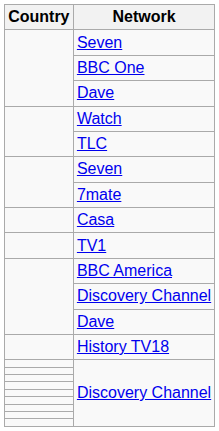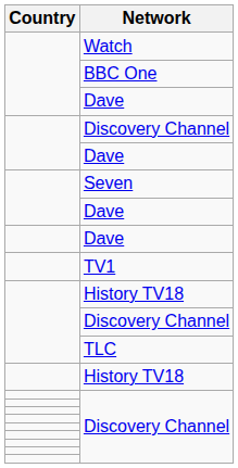 <table class="wikitable">
 <tr>
 <th>Country</th>
 <th>Network</th>
 </tr>
 <tr>
 <td rowspan=3></td>
-<td><a href='#'>Seven</a></td>
+<td><a href='#'>Watch</a></td>
 </tr>
 <tr>
 <td><a href='#'>BBC One</a></td>
 </tr>
 <tr>
 <td><a href='#'>Dave</a></td>
 </tr>
 <tr>
 <td rowspan=2></td>
-<td><a href='#'>Watch</a></td>
+<td><a href='#'>Discovery Channel</a></td>
 </tr>
 <tr>
-<td><a href='#'>TLC</a></td>
+<td><a href='#'>Dave</a></td>
 </tr>
 <tr>
 <td rowspan=2></td>
 <td><a href='#'>Seven</a></td>
 </tr>
 <tr>
-<td><a href='#'>7mate</a></td>
+<td><a href='#'>Dave</a></td>
 </tr>
 <tr>
 <td></td>
-<td><a href='#'>Casa</a></td>
+<td><a href='#'>Dave</a></td>
 </tr>
 <tr>
 <td></td>
 <td><a href='#'>TV1</a></td>
 </tr>
 <tr>
 <td rowspan=3></td>
-<td><a href='#'>BBC America</a></td>
+<td><a href='#'>History TV18</a></td>
 </tr>
 <tr>
 <td><a href='#'>Discovery Channel</a></td>
 </tr>
 <tr>
-<td><a href='#'>Dave</a></td>
+<td><a href='#'>TLC</a></td>
 </tr>
 <tr>
 <td></td>
 <td><a href='#'>History TV18</a></td>
 </tr>
 <tr>
 <td></td>
 <td rowspan="9"><a href='#'>Discovery Channel</a></td>
 </tr>
 <tr>
 <td></td>
 </tr>
 <tr>
 <td></td>
 </tr>
 <tr>
 <td></td>
 </tr>
 <tr>
 <td></td>
 </tr>
 <tr>
 <td></td>
 </tr>
 <tr>
 <td></td>
 </tr>
 <tr>
 <td></td>
 </tr>
 <tr>
 <td></td>
 </tr>
 <tr>
 </tr>
 </table>
